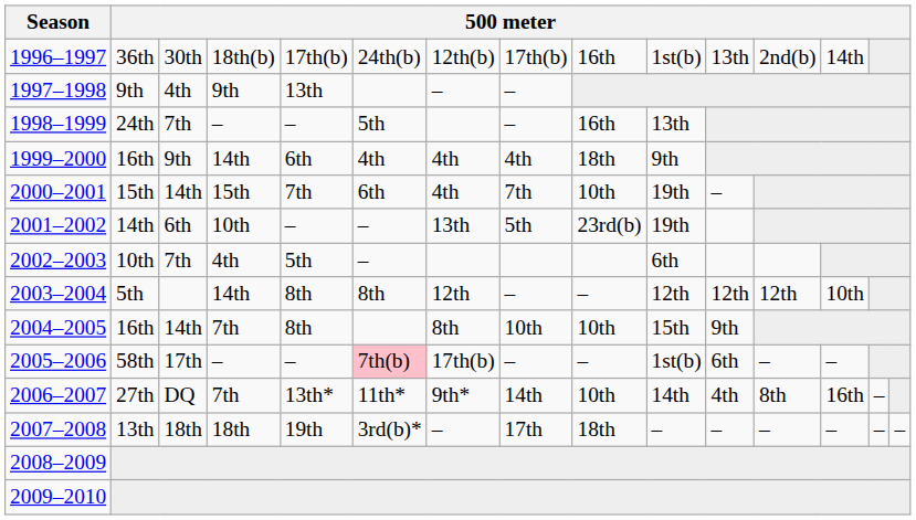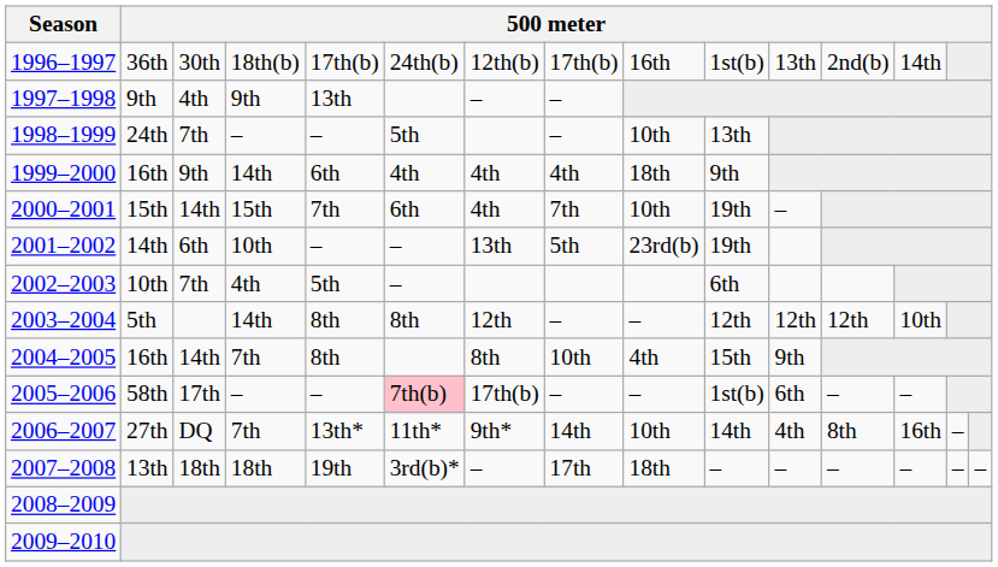 <table class="wikitable" style="display: inline-table;">
 <tr>
 <th>Season</th>
 <th colspan="14">500 meter</th>
 </tr>
 <tr>
 <td><a href='#'>1996–1997</a></td>
 <td>36th</td>
 <td>30th</td>
 <td>18th(b)</td>
 <td>17th(b)</td>
 <td>24th(b)</td>
 <td>12th(b)</td>
 <td>17th(b)</td>
 <td>16th</td>
 <td>1st(b)</td>
 <td>13th</td>
 <td>2nd(b)</td>
 <td>14th</td>
 <td colspan="2" bgcolor=#EEEEEE></td>
 </tr>
 <tr>
 <td><a href='#'>1997–1998</a></td>
 <td>9th</td>
 <td>4th</td>
 <td>9th</td>
 <td>13th</td>
 <td></td>
 <td>–</td>
 <td>–</td>
 <td colspan="7" bgcolor=#EEEEEE></td>
 </tr>
 <tr>
 <td><a href='#'>1998–1999</a></td>
 <td>24th</td>
 <td>7th</td>
 <td>–</td>
 <td>–</td>
 <td>5th</td>
 <td></td>
 <td>–</td>
-<td>16th</td>
+<td>10th</td>
 <td>13th</td>
 <td colspan="5" bgcolor=#EEEEEE></td>
 </tr>
 <tr>
 <td><a href='#'>1999–2000</a></td>
 <td>16th</td>
 <td>9th</td>
 <td>14th</td>
 <td>6th</td>
 <td>4th</td>
 <td>4th</td>
 <td>4th</td>
 <td>18th</td>
 <td>9th</td>
 <td colspan="5" bgcolor=#EEEEEE></td>
 </tr>
 <tr>
 <td><a href='#'>2000–2001</a></td>
 <td>15th</td>
 <td>14th</td>
 <td>15th</td>
 <td>7th</td>
 <td>6th</td>
 <td>4th</td>
 <td>7th</td>
 <td>10th</td>
 <td>19th</td>
 <td>–</td>
 <td colspan="4" bgcolor=#EEEEEE></td>
 </tr>
 <tr>
 <td><a href='#'>2001–2002</a></td>
 <td>14th</td>
 <td>6th</td>
 <td>10th</td>
 <td>–</td>
 <td>–</td>
 <td>13th</td>
 <td>5th</td>
 <td>23rd(b)</td>
 <td>19th</td>
 <td></td>
 <td colspan="4" bgcolor=#EEEEEE></td>
 </tr>
 <tr>
 <td><a href='#'>2002–2003</a></td>
 <td>10th</td>
 <td>7th</td>
 <td>4th</td>
 <td>5th</td>
 <td>–</td>
 <td></td>
 <td></td>
 <td></td>
 <td>6th</td>
 <td></td>
 <td></td>
 <td colspan="3" bgcolor=#EEEEEE></td>
 </tr>
 <tr>
 <td><a href='#'>2003–2004</a></td>
 <td>5th</td>
 <td></td>
 <td>14th</td>
 <td>8th</td>
 <td>8th</td>
 <td>12th</td>
 <td>–</td>
 <td>–</td>
 <td>12th</td>
 <td>12th</td>
 <td>12th</td>
 <td>10th</td>
 <td colspan="2" bgcolor=#EEEEEE></td>
 </tr>
 <tr>
 <td><a href='#'>2004–2005</a></td>
 <td>16th</td>
 <td>14th</td>
 <td>7th</td>
 <td>8th</td>
 <td></td>
 <td>8th</td>
 <td>10th</td>
-<td>10th</td>
+<td>4th</td>
 <td>15th</td>
 <td>9th</td>
 <td colspan="4" bgcolor=#EEEEEE></td>
 </tr>
 <tr>
 <td><a href='#'>2005–2006</a></td>
 <td>58th</td>
 <td>17th</td>
 <td>–</td>
 <td>–</td>
 <td style="background: pink;">7th(b)</td>
 <td>17th(b)</td>
 <td>–</td>
 <td>–</td>
 <td>1st(b)</td>
 <td>6th</td>
 <td>–</td>
 <td>–</td>
 <td colspan="2" bgcolor=#EEEEEE></td>
 </tr>
 <tr>
 <td><a href='#'>2006–2007</a></td>
 <td>27th</td>
 <td>DQ</td>
 <td>7th</td>
 <td>13th*</td>
 <td>11th*</td>
 <td>9th*</td>
 <td>14th</td>
 <td>10th</td>
 <td>14th</td>
 <td>4th</td>
 <td>8th</td>
 <td>16th</td>
 <td>–</td>
 <td colspan="1" bgcolor=#EEEEEE></td>
 </tr>
 <tr>
 <td><a href='#'>2007–2008</a></td>
 <td>13th</td>
 <td>18th</td>
 <td>18th</td>
 <td>19th</td>
 <td>3rd(b)*</td>
 <td>–</td>
 <td>17th</td>
 <td>18th</td>
 <td>–</td>
 <td>–</td>
 <td>–</td>
 <td>–</td>
 <td>–</td>
 <td>–</td>
 </tr>
 <tr>
 <td><a href='#'>2008–2009</a></td>
 <td colspan="14" bgcolor=#EEEEEE></td>
 </tr>
 <tr>
 <td><a href='#'>2009–2010</a></td>
 <td colspan="14" bgcolor=#EEEEEE></td>
 </tr>
 </table>
